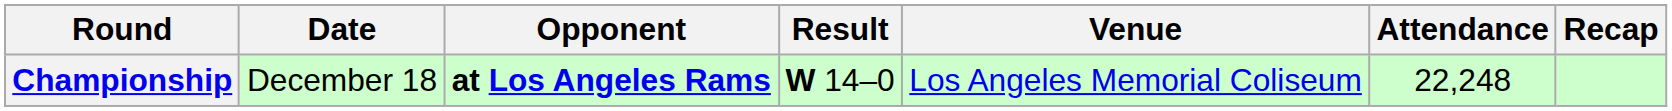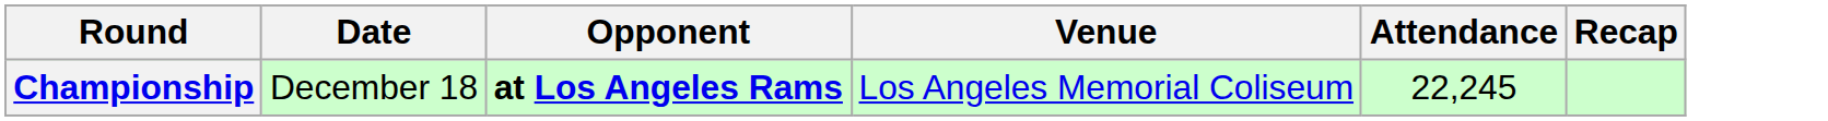 <table class="wikitable" style="text-align:center">
 <tr>
 <th>Round</th>
 <th>Date</th>
 <th>Opponent</th>
-<th>Result</th>
 <th>Venue</th>
 <th>Attendance</th>
 <th>Recap</th>
 </tr>
 <tr style="background:#cfc">
 <th><a href='#'>Championship</a></th>
 <td>December 18</td>
 <td><strong>at <a href='#'>Los Angeles Rams</a></strong></td>
-<td><strong>W</strong> 14–0</td>
 <td><a href='#'>Los Angeles Memorial Coliseum</a></td>
-<td>22,248</td>
+<td>22,245</td>
 <td></td>
 </tr>
 </table>
